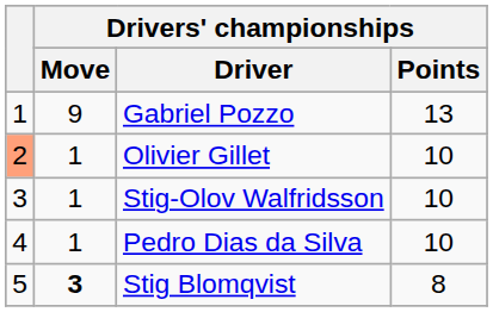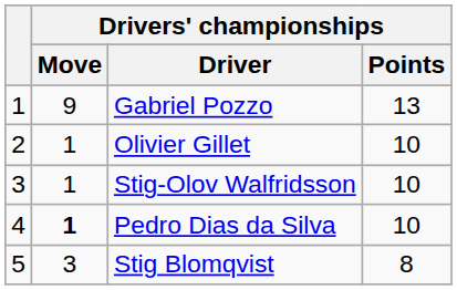 <table class="wikitable" style="font-size:85%;">
 <tr>
 <th rowspan="2"></th>
 <th colspan="3">Drivers' championships</th>
 </tr>
 <tr>
 <th>Move</th>
 <th>Driver</th>
 <th>Points</th>
 </tr>
 <tr>
 <td align="center">1</td>
 <td align="center"> 9</td>
 <td> <a href='#'>Gabriel Pozzo</a></td>
 <td align="center">13</td>
 </tr>
 <tr>
-<td align="center" style="background: lightsalmon;">2</td>
+<td align="center">2</td>
 <td align="center"> 1</td>
 <td> <a href='#'>Olivier Gillet</a></td>
 <td align="center">10</td>
 </tr>
 <tr>
 <td align="center">3</td>
 <td align="center"> 1</td>
 <td> <a href='#'>Stig-Olov Walfridsson</a></td>
 <td align="center">10</td>
 </tr>
 <tr>
 <td align="center">4</td>
-<td align="center"> 1</td>
+<td align="center"><strong> 1</strong></td>
 <td> <a href='#'>Pedro Dias da Silva</a></td>
 <td align="center">10</td>
 </tr>
 <tr>
 <td align="center">5</td>
-<td align="center"><strong> 3</strong></td>
+<td align="center"> 3</td>
 <td> <a href='#'>Stig Blomqvist</a></td>
 <td align="center">8</td>
 </tr>
 </table>
